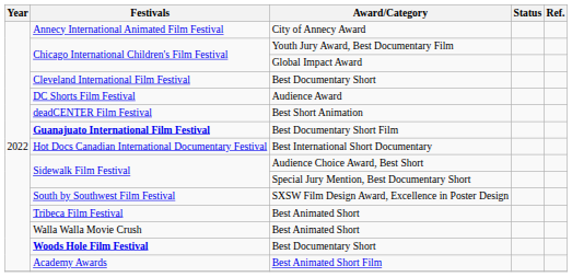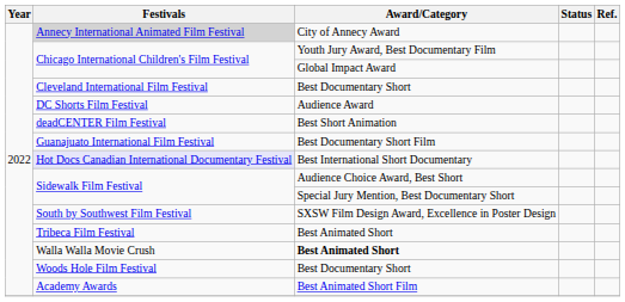 <table class="wikitable">
 <tr>
 <th>Year</th>
 <th>Festivals</th>
 <th>Award/Category</th>
 <th>Status</th>
 <th>Ref.</th>
 </tr>
 <tr>
 <td rowspan="15">2022</td>
-<td><a href='#'>Annecy International Animated Film Festival</a></td>
+<td style="background: lightgrey;"><a href='#'>Annecy International Animated Film Festival</a></td>
 <td>City of Annecy Award</td>
 <td></td>
 <td></td>
 </tr>
 <tr>
 <td rowspan="2"><a href='#'>Chicago International Children's Film Festival</a></td>
 <td>Youth Jury Award, Best Documentary Film</td>
 <td></td>
 <td></td>
 </tr>
 <tr>
 <td>Global Impact Award</td>
 <td></td>
 <td></td>
 </tr>
 <tr>
 <td><a href='#'>Cleveland International Film Festival</a></td>
 <td>Best Documentary Short</td>
 <td></td>
 <td></td>
 </tr>
 <tr>
 <td><a href='#'>DC Shorts Film Festival</a></td>
 <td>Audience Award</td>
 <td></td>
 <td></td>
 </tr>
 <tr>
 <td><a href='#'>deadCENTER Film Festival</a></td>
 <td>Best Short Animation</td>
 <td></td>
 <td></td>
 </tr>
 <tr>
-<td><strong><a href='#'>Guanajuato International Film Festival</a></strong></td>
+<td><a href='#'>Guanajuato International Film Festival</a></td>
 <td>Best Documentary Short Film</td>
 <td></td>
 <td></td>
 </tr>
 <tr>
-<td><a href='#'>Hot Docs Canadian International Documentary Festival</a></td>
+<td style="background: lavender;"><a href='#'>Hot Docs Canadian International Documentary Festival</a></td>
 <td>Best International Short Documentary</td>
 <td></td>
 <td></td>
 </tr>
 <tr>
 <td rowspan="2"><a href='#'>Sidewalk Film Festival</a></td>
 <td>Audience Choice Award, Best Short</td>
 <td></td>
 <td></td>
 </tr>
 <tr>
 <td>Special Jury Mention, Best Documentary Short</td>
 <td></td>
 <td></td>
 </tr>
 <tr>
 <td><a href='#'>South by Southwest Film Festival</a></td>
 <td>SXSW Film Design Award, Excellence in Poster Design</td>
 <td></td>
 <td></td>
 </tr>
 <tr>
 <td><a href='#'>Tribeca Film Festival</a></td>
 <td>Best Animated Short</td>
 <td></td>
 <td></td>
 </tr>
 <tr>
 <td>Walla Walla Movie Crush</td>
-<td>Best Animated Short</td>
+<td><strong>Best Animated Short</strong></td>
 <td></td>
 <td></td>
 </tr>
 <tr>
-<td><strong><a href='#'>Woods Hole Film Festival</a></strong></td>
+<td><a href='#'>Woods Hole Film Festival</a></td>
 <td>Best Documentary Short</td>
 <td></td>
 <td></td>
 </tr>
 <tr>
 <td><a href='#'>Academy Awards</a></td>
 <td><a href='#'>Best Animated Short Film</a></td>
 <td></td>
 <td></td>
 </tr>
 <tr>
 </tr>
 </table>
